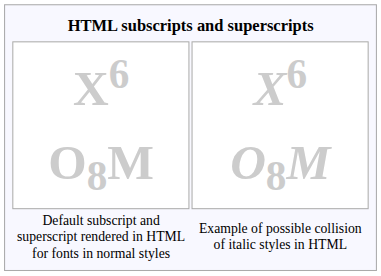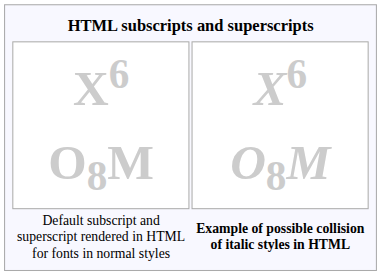 <table style="float:right; margin:.5em 0 .3em .5em; border:1px solid #aaa; background:#f8f8ff; color:black; padding:.3em; line-height:1.5; text-align:center;">
 <tr>
 <th colspan="2" style="text-align:center">HTML subscripts and superscripts</th>
 </tr>
 <tr style="background:#fff; color:#ccc; font-family:serif; font-weight:bold; font-size:300%; vertical-align:middle;">
 <th style="width:3.5em; border:1px solid #aaa;">X<sup>6</sup><br>O<sub>8</sub>M</th>
 <th style="width:3.5em; border:1px solid #aaa;"><em>X</em><sup>6</sup><br><em>O</em><sub>8</sub><em>M</em></th>
 </tr>
 <tr style="font-size:smaller;line-height:normal">
 <td style="width:10.5em">Default subscript and superscript rendered in HTML for fonts in normal styles</td>
-<td style="width:10.5em">Example of possible collision of italic styles in HTML</td>
+<td style="width:10.5em"><strong>Example of possible collision of italic styles in HTML</strong></td>
 </tr>
 </table>
